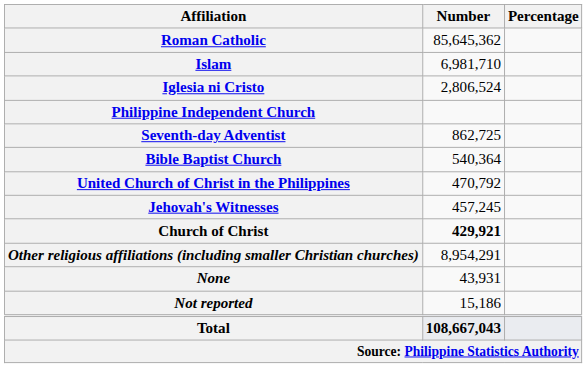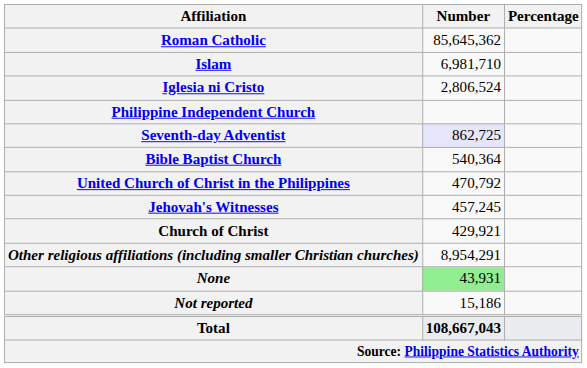 <table class="wikitable sortable plainrowheaders" style="text-align:right;">
 <tr>
 <th scope="col">Affiliation</th>
 <th scope="col">Number</th>
 <th scope="col">Percentage</th>
 </tr>
 <tr>
 <th scope="row"><a href='#'>Roman Catholic</a></th>
 <td>85,645,362</td>
 <td></td>
 </tr>
 <tr>
 <th scope=row><a href='#'>Islam</a></th>
 <td>6,981,710</td>
 <td></td>
 </tr>
 <tr>
 <th scope=row><a href='#'>Iglesia ni Cristo</a></th>
 <td>2,806,524</td>
 <td></td>
 </tr>
 <tr>
 <th scope="row"><a href='#'>Philippine Independent Church</a> </th>
 <td> </td>
 <td> </td>
 </tr>
 <tr>
 <th scope=row><a href='#'>Seventh-day Adventist</a></th>
-<td>862,725</td>
+<td style="background: lavender;">862,725</td>
 <td></td>
 </tr>
 <tr>
 <th scope="row"><a href='#'>Bible Baptist Church</a></th>
 <td>540,364</td>
 <td></td>
 </tr>
 <tr>
 <th scope="row"><a href='#'>United Church of Christ in the Philippines</a></th>
 <td>470,792</td>
 <td></td>
 </tr>
 <tr>
 <th scope="row"><a href='#'>Jehovah's Witnesses</a></th>
 <td>457,245</td>
 <td></td>
 </tr>
 <tr>
 <th scope="row">Church of Christ</th>
-<td><strong>429,921</strong></td>
+<td>429,921</td>
 <td></td>
 </tr>
 <tr>
 <th scope="row"><em>Other religious affiliations (including smaller Christian churches)</em></th>
 <td>8,954,291</td>
 <td></td>
 </tr>
 <tr>
 <th scope="row"><em>None</em></th>
-<td>43,931</td>
+<td style="background: lightgreen;">43,931</td>
 <td></td>
 </tr>
 <tr>
 <th scope="row"><em>Not reported</em></th>
 <td>15,186</td>
 <td></td>
 </tr>
 <tr class="sortbottom" style="font-weight:700; border-top-style:double;">
 <th scope="row" style="font-weight:700;">Total</th>
 <td style="background-color:#eaecf0;">108,667,043</td>
 <td style="background-color:#eaecf0;"></td>
 </tr>
 <tr class="sortbottom" style="font-size:90%;">
 <th scope="row" colspan="5" style="text-align:right;">Source: <a href='#'>Philippine Statistics Authority</a></th>
 </tr>
 </table>
